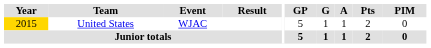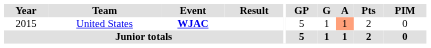 <table border="0" cellpadding="1" cellspacing="0" ID="Table3" style="text-align:center; width:40em">
 <tr ALIGN="center" bgcolor="#e0e0e0">
 <th>Year</th>
 <th>Team</th>
 <th>Event</th>
 <th>Result</th>
 <th rowspan="99" bgcolor="#ffffff"></th>
 <th>GP</th>
 <th>G</th>
 <th>A</th>
 <th>Pts</th>
 <th>PIM</th>
 </tr>
 <tr>
-<td style="background: gold;">2015</td>
+<td>2015</td>
 <td><a href='#'>United States</a></td>
-<td><a href='#'>WJAC</a></td>
+<td><strong><a href='#'>WJAC</a></strong></td>
 <td></td>
 <td>5</td>
 <td>1</td>
-<td>1</td>
+<td style="background: lightsalmon;">1</td>
 <td>2</td>
 <td>0</td>
 </tr>
 <tr bgcolor="#e0e0e0">
 <th colspan="4">Junior totals</th>
 <th>5</th>
 <th>1</th>
 <th>1</th>
 <th>2</th>
 <th>0</th>
 </tr>
 </table>
